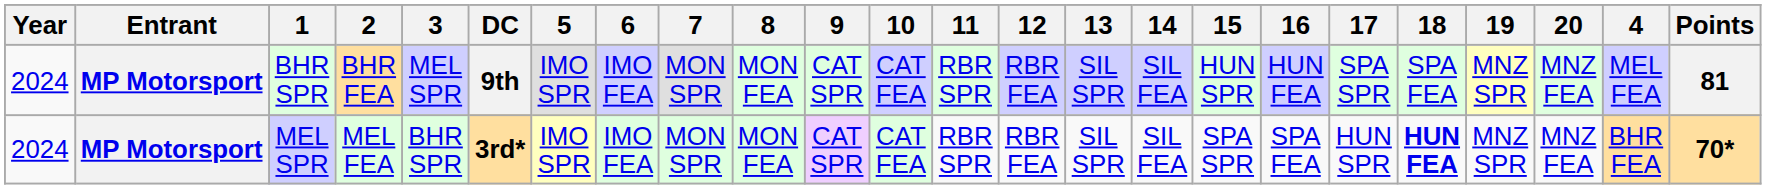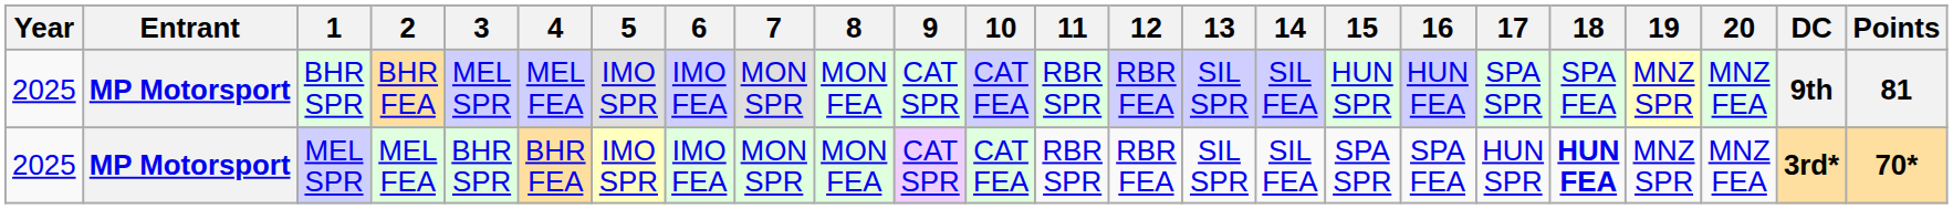 <table class="wikitable" style="text-align:center; font-size:85%;">
 <tr>
 <th>Year</th>
 <th>Entrant</th>
 <th>1</th>
 <th>2</th>
 <th>3</th>
-<th>DC</th>
+<th>4</th>
 <th>5</th>
 <th>6</th>
 <th>7</th>
 <th>8</th>
 <th>9</th>
 <th>10</th>
 <th>11</th>
 <th>12</th>
 <th>13</th>
 <th>14</th>
 <th>15</th>
 <th>16</th>
 <th>17</th>
 <th>18</th>
 <th>19</th>
 <th>20</th>
-<th>4</th>
+<th>DC</th>
 <th>Points</th>
 </tr>
 <tr>
-<td><a href='#'>2024</a></td>
+<td><a href='#'>2025</a></td>
 <th nowrap><a href='#'>MP Motorsport</a></th>
 <td style="background:#DFFFDF;"><a href='#'>BHR<br>SPR</a><br></td>
 <td style="background:#FFDF9F;"><a href='#'>BHR<br>FEA</a><br></td>
 <td style="background:#CFCFFF;"><a href='#'>MEL<br>SPR</a><br></td>
-<th>9th</th>
+<td style="background:#CFCFFF;"><a href='#'>MEL<br>FEA</a><br></td>
 <td style="background:#DFDFDF;"><a href='#'>IMO<br>SPR</a><br></td>
 <td style="background:#CFCFFF;"><a href='#'>IMO<br>FEA</a><br></td>
 <td style="background:#DFDFDF;"><a href='#'>MON<br>SPR</a><br></td>
 <td style="background:#DFFFDF;"><a href='#'>MON<br>FEA</a><br></td>
 <td style="background:#DFFFDF;"><a href='#'>CAT<br>SPR</a><br></td>
 <td style="background:#CFCFFF;"><a href='#'>CAT<br>FEA</a><br></td>
 <td style="background:#DFFFDF;"><a href='#'>RBR<br>SPR</a><br></td>
 <td style="background:#CFCFFF;"><a href='#'>RBR<br>FEA</a><br></td>
 <td style="background:#CFCFFF;"><a href='#'>SIL<br>SPR</a><br></td>
 <td style="background:#CFCFFF;"><a href='#'>SIL<br>FEA</a><br></td>
 <td style="background:#DFFFDF;"><a href='#'>HUN<br>SPR</a><br></td>
 <td style="background:#CFCFFF;"><a href='#'>HUN<br>FEA</a><br></td>
 <td style="background:#DFFFDF;"><a href='#'>SPA<br>SPR</a><br></td>
 <td style="background:#DFFFDF;"><a href='#'>SPA<br>FEA</a><br></td>
 <td style="background:#FFFFBF;"><a href='#'>MNZ<br>SPR</a><br></td>
 <td style="background:#DFFFDF;"><a href='#'>MNZ<br>FEA</a><br></td>
-<td style="background:#CFCFFF;"><a href='#'>MEL<br>FEA</a><br></td>
+<th>9th</th>
 <th>81</th>
 </tr>
 <tr>
-<td><a href='#'>2024</a></td>
+<td><a href='#'>2025</a></td>
 <th nowrap><a href='#'>MP Motorsport</a></th>
 <td style="background:#CFCFFF;"><a href='#'>MEL<br>SPR</a><br></td>
 <td style="background:#DFFFDF;"><a href='#'>MEL<br>FEA</a><br></td>
 <td style="background:#DFFFDF;"><a href='#'>BHR<br>SPR</a><br></td>
-<th style="background:#FFDF9F;">3rd*</th>
+<td style="background:#FFDF9F;"><a href='#'>BHR<br>FEA</a><br></td>
 <td style="background:#FFFFBF;"><a href='#'>IMO<br>SPR</a><br></td>
 <td style="background:#DFFFDF;"><a href='#'>IMO<br>FEA</a><br></td>
 <td style="background:#DFFFDF;"><a href='#'>MON<br>SPR</a><br></td>
 <td style="background:#DFFFDF;"><a href='#'>MON<br>FEA</a><br></td>
 <td style="background:#EFCFFF;"><a href='#'>CAT<br>SPR</a><br></td>
 <td style="background:#DFFFDF;"><a href='#'>CAT<br>FEA</a><br></td>
 <td style="background:#;"><a href='#'>RBR<br>SPR</a><br></td>
 <td style="background:#;"><a href='#'>RBR<br>FEA</a><br></td>
 <td style="background:#;"><a href='#'>SIL<br>SPR</a><br></td>
 <td style="background:#;"><a href='#'>SIL<br>FEA</a><br></td>
 <td style="background:#;"><a href='#'>SPA<br>SPR</a><br></td>
 <td style="background:#;"><a href='#'>SPA<br>FEA</a><br></td>
 <td style="background:#;"><a href='#'>HUN<br>SPR</a><br></td>
 <td style="background:#;"><strong><a href='#'>HUN<br>FEA</a><br></strong></td>
 <td style="background:#;"><a href='#'>MNZ<br>SPR</a><br></td>
 <td style="background:#;"><a href='#'>MNZ<br>FEA</a><br></td>
-<td style="background:#FFDF9F;"><a href='#'>BHR<br>FEA</a><br></td>
+<th style="background:#FFDF9F;">3rd*</th>
 <th style="background:#FFDF9F;">70*</th>
 </tr>
 </table>
